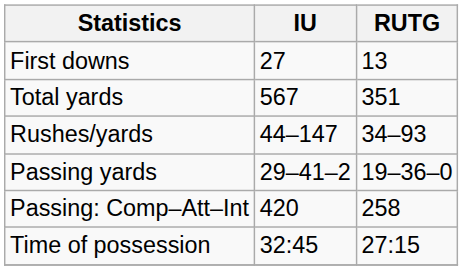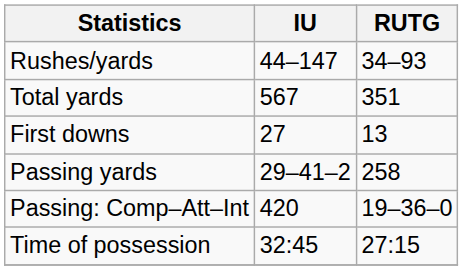 <table class="wikitable" style="float: left;">
 <tr>
 <th>Statistics</th>
 <th>IU</th>
 <th>RUTG</th>
 </tr>
 <tr>
-<td>First downs</td>
-<td>27</td>
-<td>13</td>
+<td>Rushes/yards</td>
+<td>44–147</td>
+<td>34–93</td>
 </tr>
 <tr>
 <td>Total yards</td>
 <td>567</td>
 <td>351</td>
 </tr>
 <tr>
-<td>Rushes/yards</td>
-<td>44–147</td>
-<td>34–93</td>
+<td>First downs</td>
+<td>27</td>
+<td>13</td>
 </tr>
 <tr>
 <td>Passing yards</td>
 <td>29–41–2</td>
-<td>19–36–0</td>
+<td>258</td>
 </tr>
 <tr>
 <td>Passing: Comp–Att–Int</td>
 <td>420</td>
-<td>258</td>
+<td>19–36–0</td>
 </tr>
 <tr>
 <td>Time of possession</td>
 <td>32:45</td>
 <td>27:15</td>
 </tr>
 <tr>
 </tr>
 </table>
